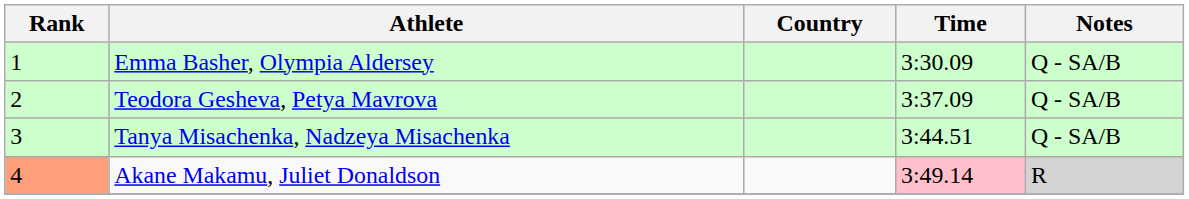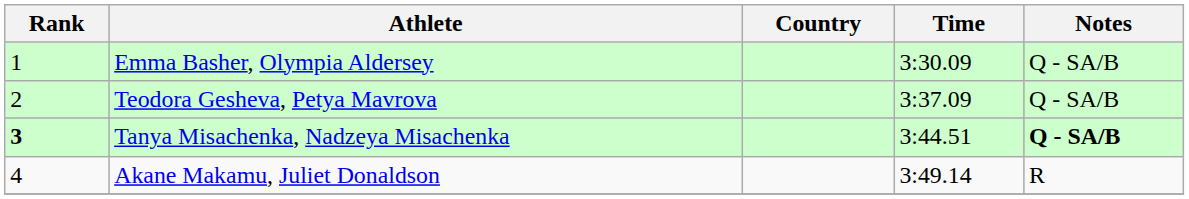 <table class="wikitable" width=50%>
 <tr>
 <th>Rank</th>
 <th>Athlete</th>
 <th>Country</th>
 <th>Time</th>
 <th>Notes</th>
 </tr>
 <tr bgcolor=ccffcc>
 <td>1</td>
 <td><a href='#'>Emma Basher</a>, <a href='#'>Olympia Aldersey</a></td>
 <td></td>
 <td>3:30.09</td>
 <td>Q - SA/B</td>
 </tr>
 <tr bgcolor=ccffcc>
 <td>2</td>
 <td><a href='#'>Teodora Gesheva</a>, <a href='#'>Petya Mavrova</a></td>
 <td></td>
 <td>3:37.09</td>
 <td>Q - SA/B</td>
 </tr>
 <tr bgcolor=ccffcc>
-<td>3</td>
+<td><strong>3</strong></td>
 <td><a href='#'>Tanya Misachenka</a>, <a href='#'>Nadzeya Misachenka</a></td>
 <td></td>
 <td>3:44.51</td>
-<td>Q - SA/B</td>
+<td><strong>Q - SA/B</strong></td>
 </tr>
 <tr>
-<td style="background: lightsalmon;">4</td>
+<td>4</td>
 <td><a href='#'>Akane Makamu</a>, <a href='#'>Juliet Donaldson</a></td>
 <td></td>
-<td style="background: pink;">3:49.14</td>
-<td style="background: lightgrey;">R</td>
+<td>3:49.14</td>
+<td>R</td>
 </tr>
 <tr>
 </tr>
 </table>
